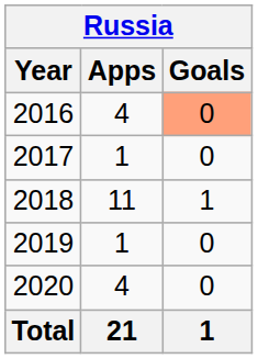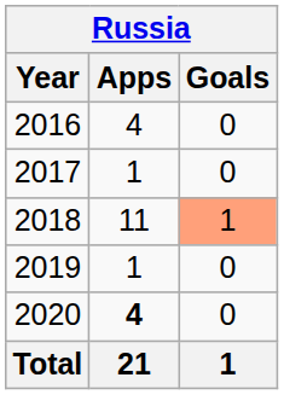 <table class="wikitable" style="text-align:center">
 <tr>
 <th colspan=3><a href='#'>Russia</a></th>
 </tr>
 <tr>
 <th>Year</th>
 <th>Apps</th>
 <th>Goals</th>
 </tr>
 <tr>
 <td>2016</td>
 <td>4</td>
-<td style="background: lightsalmon;">0</td>
+<td>0</td>
 </tr>
 <tr>
 <td>2017</td>
 <td>1</td>
 <td>0</td>
 </tr>
 <tr>
 <td>2018</td>
 <td>11</td>
-<td>1</td>
+<td style="background: lightsalmon;">1</td>
 </tr>
 <tr>
 <td>2019</td>
 <td>1</td>
 <td>0</td>
 </tr>
 <tr>
 <td>2020</td>
-<td>4</td>
+<td><strong>4</strong></td>
 <td>0</td>
 </tr>
 <tr>
 <th>Total</th>
 <th>21</th>
 <th>1</th>
 </tr>
 </table>
